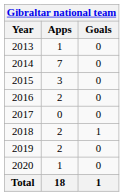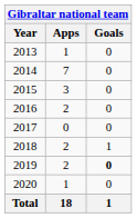 <table class="wikitable" style="text-align:center">
 <tr>
 <th colspan=3><a href='#'>Gibraltar national team</a></th>
 </tr>
 <tr>
 <th>Year</th>
 <th>Apps</th>
 <th>Goals</th>
 </tr>
 <tr>
 <td>2013</td>
 <td>1</td>
 <td>0</td>
 </tr>
 <tr>
 <td>2014</td>
 <td>7</td>
 <td>0</td>
 </tr>
 <tr>
 <td>2015</td>
 <td>3</td>
 <td>0</td>
 </tr>
 <tr>
 <td>2016</td>
 <td>2</td>
 <td>0</td>
 </tr>
 <tr>
 <td>2017</td>
 <td>0</td>
 <td>0</td>
 </tr>
 <tr>
 <td>2018</td>
 <td>2</td>
 <td>1</td>
 </tr>
 <tr>
 <td>2019</td>
 <td>2</td>
-<td>0</td>
+<td><strong>0</strong></td>
 </tr>
 <tr>
 <td>2020</td>
 <td>1</td>
 <td>0</td>
 </tr>
 <tr>
 <th>Total</th>
 <th>18</th>
 <th>1</th>
 </tr>
 </table>
